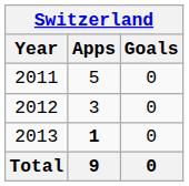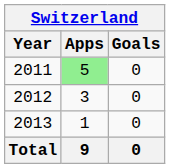 <table class="wikitable" style="text-align:center">
 <tr>
 <th colspan=3><a href='#'>Switzerland</a></th>
 </tr>
 <tr>
 <th>Year</th>
 <th>Apps</th>
 <th>Goals</th>
 </tr>
 <tr>
 <td>2011</td>
-<td>5</td>
+<td style="background: lightgreen;">5</td>
 <td>0</td>
 </tr>
 <tr>
 <td>2012</td>
 <td>3</td>
 <td>0</td>
 </tr>
 <tr>
 <td>2013</td>
-<td><strong>1</strong></td>
+<td>1</td>
 <td>0</td>
 </tr>
 <tr>
 <th>Total</th>
 <th>9</th>
 <th>0</th>
 </tr>
 </table>
